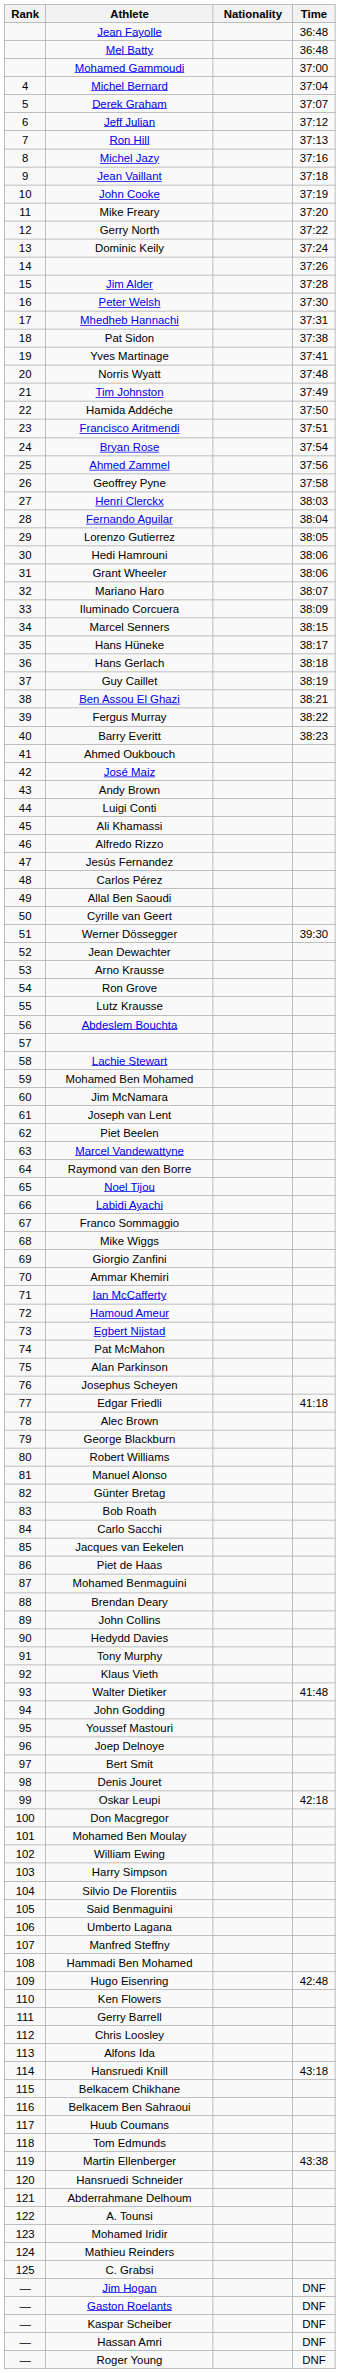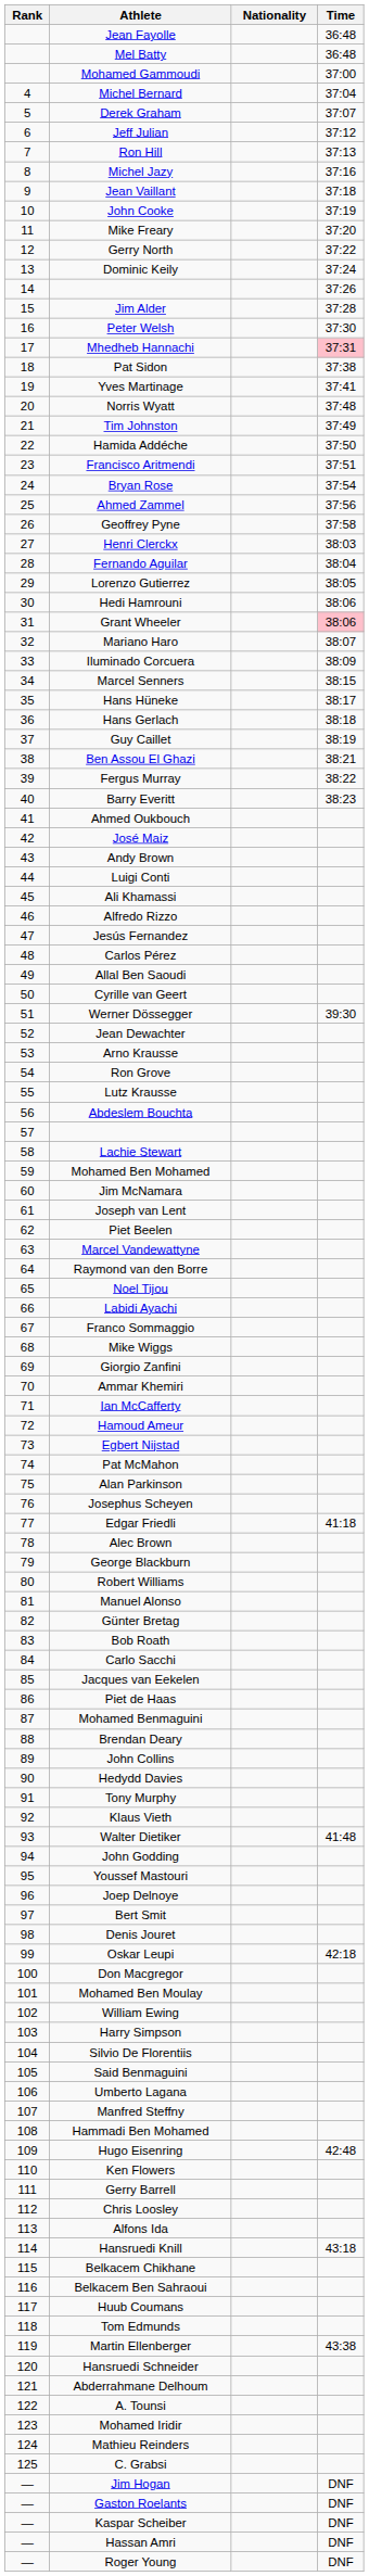 <table class="wikitable sortable" style=" text-align:center; font-size:95%;" width="50%">
 <tr>
 <th>Rank</th>
 <th>Athlete</th>
 <th>Nationality</th>
 <th>Time</th>
 </tr>
 <tr>
 <td align=center></td>
 <td><a href='#'>Jean Fayolle</a></td>
 <td></td>
 <td>36:48</td>
 </tr>
 <tr>
 <td align=center></td>
 <td><a href='#'>Mel Batty</a></td>
 <td></td>
 <td>36:48</td>
 </tr>
 <tr>
 <td align=center></td>
 <td><a href='#'>Mohamed Gammoudi</a></td>
 <td></td>
 <td>37:00</td>
 </tr>
 <tr>
 <td align=center>4</td>
 <td><a href='#'>Michel Bernard</a></td>
 <td></td>
 <td>37:04</td>
 </tr>
 <tr>
 <td align=center>5</td>
 <td><a href='#'>Derek Graham</a></td>
 <td></td>
 <td>37:07</td>
 </tr>
 <tr>
 <td align=center>6</td>
 <td><a href='#'>Jeff Julian</a></td>
 <td></td>
 <td>37:12</td>
 </tr>
 <tr>
 <td align=center>7</td>
 <td><a href='#'>Ron Hill</a></td>
 <td></td>
 <td>37:13</td>
 </tr>
 <tr>
 <td align=center>8</td>
 <td><a href='#'>Michel Jazy</a></td>
 <td></td>
 <td>37:16</td>
 </tr>
 <tr>
 <td align=center>9</td>
 <td><a href='#'>Jean Vaillant</a></td>
 <td></td>
 <td>37:18</td>
 </tr>
 <tr>
 <td align=center>10</td>
 <td><a href='#'>John Cooke</a></td>
 <td></td>
 <td>37:19</td>
 </tr>
 <tr>
 <td align=center>11</td>
 <td>Mike Freary</td>
 <td></td>
 <td>37:20</td>
 </tr>
 <tr>
 <td align=center>12</td>
 <td>Gerry North</td>
 <td></td>
 <td>37:22</td>
 </tr>
 <tr>
 <td align=center>13</td>
 <td>Dominic Keily</td>
 <td></td>
 <td>37:24</td>
 </tr>
 <tr>
 <td align=center>14</td>
 <td></td>
 <td></td>
 <td>37:26</td>
 </tr>
 <tr>
 <td align=center>15</td>
 <td><a href='#'>Jim Alder</a></td>
 <td></td>
 <td>37:28</td>
 </tr>
 <tr>
 <td align=center>16</td>
 <td><a href='#'>Peter Welsh</a></td>
 <td></td>
 <td>37:30</td>
 </tr>
 <tr>
 <td align=center>17</td>
 <td><a href='#'>Mhedheb Hannachi</a></td>
 <td></td>
-<td>37:31</td>
+<td style="background: pink;">37:31</td>
 </tr>
 <tr>
 <td align=center>18</td>
 <td>Pat Sidon</td>
 <td></td>
 <td>37:38</td>
 </tr>
 <tr>
 <td align=center>19</td>
 <td>Yves Martinage</td>
 <td></td>
 <td>37:41</td>
 </tr>
 <tr>
 <td align=center>20</td>
 <td>Norris Wyatt</td>
 <td></td>
 <td>37:48</td>
 </tr>
 <tr>
 <td align=center>21</td>
 <td><a href='#'>Tim Johnston</a></td>
 <td></td>
 <td>37:49</td>
 </tr>
 <tr>
 <td align=center>22</td>
 <td>Hamida Addéche</td>
 <td></td>
 <td>37:50</td>
 </tr>
 <tr>
 <td align=center>23</td>
 <td><a href='#'>Francisco Aritmendi</a></td>
 <td></td>
 <td>37:51</td>
 </tr>
 <tr>
 <td align=center>24</td>
 <td><a href='#'>Bryan Rose</a></td>
 <td></td>
 <td>37:54</td>
 </tr>
 <tr>
 <td align=center>25</td>
 <td><a href='#'>Ahmed Zammel</a></td>
 <td></td>
 <td>37:56</td>
 </tr>
 <tr>
 <td align=center>26</td>
 <td>Geoffrey Pyne</td>
 <td></td>
 <td>37:58</td>
 </tr>
 <tr>
 <td align=center>27</td>
 <td><a href='#'>Henri Clerckx</a></td>
 <td></td>
 <td>38:03</td>
 </tr>
 <tr>
 <td align=center>28</td>
 <td><a href='#'>Fernando Aguilar</a></td>
 <td></td>
 <td>38:04</td>
 </tr>
 <tr>
 <td align=center>29</td>
 <td>Lorenzo Gutierrez</td>
 <td></td>
 <td>38:05</td>
 </tr>
 <tr>
 <td align=center>30</td>
 <td>Hedi Hamrouni</td>
 <td></td>
 <td>38:06</td>
 </tr>
 <tr>
 <td align=center>31</td>
 <td>Grant Wheeler</td>
 <td></td>
-<td>38:06</td>
+<td style="background: pink;">38:06</td>
 </tr>
 <tr>
 <td align=center>32</td>
 <td>Mariano Haro</td>
 <td></td>
 <td>38:07</td>
 </tr>
 <tr>
 <td align=center>33</td>
 <td>Iluminado Corcuera</td>
 <td></td>
 <td>38:09</td>
 </tr>
 <tr>
 <td align=center>34</td>
 <td>Marcel Senners</td>
 <td></td>
 <td>38:15</td>
 </tr>
 <tr>
 <td align=center>35</td>
 <td>Hans Hüneke</td>
 <td></td>
 <td>38:17</td>
 </tr>
 <tr>
 <td align=center>36</td>
 <td>Hans Gerlach</td>
 <td></td>
 <td>38:18</td>
 </tr>
 <tr>
 <td align=center>37</td>
 <td>Guy Caillet</td>
 <td></td>
 <td>38:19</td>
 </tr>
 <tr>
 <td align=center>38</td>
 <td><a href='#'>Ben Assou El Ghazi</a></td>
 <td></td>
 <td>38:21</td>
 </tr>
 <tr>
 <td align=center>39</td>
 <td>Fergus Murray</td>
 <td></td>
 <td>38:22</td>
 </tr>
 <tr>
 <td align=center>40</td>
 <td>Barry Everitt</td>
 <td></td>
 <td>38:23</td>
 </tr>
 <tr>
 <td align=center>41</td>
 <td>Ahmed Oukbouch</td>
 <td></td>
 <td></td>
 </tr>
 <tr>
 <td align=center>42</td>
 <td><a href='#'>José Maiz</a></td>
 <td></td>
 <td></td>
 </tr>
 <tr>
 <td align=center>43</td>
 <td>Andy Brown</td>
 <td></td>
 <td></td>
 </tr>
 <tr>
 <td align=center>44</td>
 <td>Luigi Conti</td>
 <td></td>
 <td></td>
 </tr>
 <tr>
 <td align=center>45</td>
 <td>Ali Khamassi</td>
 <td></td>
 <td></td>
 </tr>
 <tr>
 <td align=center>46</td>
 <td>Alfredo Rizzo</td>
 <td></td>
 <td></td>
 </tr>
 <tr>
 <td align=center>47</td>
 <td>Jesús Fernandez</td>
 <td></td>
 <td></td>
 </tr>
 <tr>
 <td align=center>48</td>
 <td>Carlos Pérez</td>
 <td></td>
 <td></td>
 </tr>
 <tr>
 <td align=center>49</td>
 <td>Allal Ben Saoudi</td>
 <td></td>
 <td></td>
 </tr>
 <tr>
 <td align=center>50</td>
 <td>Cyrille van Geert</td>
 <td></td>
 <td></td>
 </tr>
 <tr>
 <td align=center>51</td>
 <td>Werner Dössegger</td>
 <td></td>
 <td>39:30</td>
 </tr>
 <tr>
 <td align=center>52</td>
 <td>Jean Dewachter</td>
 <td></td>
 <td></td>
 </tr>
 <tr>
 <td align=center>53</td>
 <td>Arno Krausse</td>
 <td></td>
 <td></td>
 </tr>
 <tr>
 <td align=center>54</td>
 <td>Ron Grove</td>
 <td></td>
 <td></td>
 </tr>
 <tr>
 <td align=center>55</td>
 <td>Lutz Krausse</td>
 <td></td>
 <td></td>
 </tr>
 <tr>
 <td align=center>56</td>
 <td><a href='#'>Abdeslem Bouchta</a></td>
 <td></td>
 <td></td>
 </tr>
 <tr>
 <td align=center>57</td>
 <td></td>
 <td></td>
 <td></td>
 </tr>
 <tr>
 <td align=center>58</td>
 <td><a href='#'>Lachie Stewart</a></td>
 <td></td>
 <td></td>
 </tr>
 <tr>
 <td align=center>59</td>
 <td>Mohamed Ben Mohamed</td>
 <td></td>
 <td></td>
 </tr>
 <tr>
 <td align=center>60</td>
 <td>Jim McNamara</td>
 <td></td>
 <td></td>
 </tr>
 <tr>
 <td align=center>61</td>
 <td>Joseph van Lent</td>
 <td></td>
 <td></td>
 </tr>
 <tr>
 <td align=center>62</td>
 <td>Piet Beelen</td>
 <td></td>
 <td></td>
 </tr>
 <tr>
 <td align=center>63</td>
 <td><a href='#'>Marcel Vandewattyne</a></td>
 <td></td>
 <td></td>
 </tr>
 <tr>
 <td align=center>64</td>
 <td>Raymond van den Borre</td>
 <td></td>
 <td></td>
 </tr>
 <tr>
 <td align=center>65</td>
 <td><a href='#'>Noel Tijou</a></td>
 <td></td>
 <td></td>
 </tr>
 <tr>
 <td align=center>66</td>
 <td><a href='#'>Labidi Ayachi</a></td>
 <td></td>
 <td></td>
 </tr>
 <tr>
 <td align=center>67</td>
 <td>Franco Sommaggio</td>
 <td></td>
 <td></td>
 </tr>
 <tr>
 <td align=center>68</td>
 <td>Mike Wiggs</td>
 <td></td>
 <td></td>
 </tr>
 <tr>
 <td align=center>69</td>
 <td>Giorgio Zanfini</td>
 <td></td>
 <td></td>
 </tr>
 <tr>
 <td align=center>70</td>
 <td>Ammar Khemiri</td>
 <td></td>
 <td></td>
 </tr>
 <tr>
 <td align=center>71</td>
 <td><a href='#'>Ian McCafferty</a></td>
 <td></td>
 <td></td>
 </tr>
 <tr>
 <td align=center>72</td>
 <td><a href='#'>Hamoud Ameur</a></td>
 <td></td>
 <td></td>
 </tr>
 <tr>
 <td align=center>73</td>
 <td><a href='#'>Egbert Nijstad</a></td>
 <td></td>
 <td></td>
 </tr>
 <tr>
 <td align=center>74</td>
 <td>Pat McMahon</td>
 <td></td>
 <td></td>
 </tr>
 <tr>
 <td align=center>75</td>
 <td>Alan Parkinson</td>
 <td></td>
 <td></td>
 </tr>
 <tr>
 <td align=center>76</td>
 <td>Josephus Scheyen</td>
 <td></td>
 <td></td>
 </tr>
 <tr>
 <td align=center>77</td>
 <td>Edgar Friedli</td>
 <td></td>
 <td>41:18</td>
 </tr>
 <tr>
 <td align=center>78</td>
 <td>Alec Brown</td>
 <td></td>
 <td></td>
 </tr>
 <tr>
 <td align=center>79</td>
 <td>George Blackburn</td>
 <td></td>
 <td></td>
 </tr>
 <tr>
 <td align=center>80</td>
 <td>Robert Williams</td>
 <td></td>
 <td></td>
 </tr>
 <tr>
 <td align=center>81</td>
 <td>Manuel Alonso</td>
 <td></td>
 <td></td>
 </tr>
 <tr>
 <td align=center>82</td>
 <td>Günter Bretag</td>
 <td></td>
 <td></td>
 </tr>
 <tr>
 <td align=center>83</td>
 <td>Bob Roath</td>
 <td></td>
 <td></td>
 </tr>
 <tr>
 <td align=center>84</td>
 <td>Carlo Sacchi</td>
 <td></td>
 <td></td>
 </tr>
 <tr>
 <td align=center>85</td>
 <td>Jacques van Eekelen</td>
 <td></td>
 <td></td>
 </tr>
 <tr>
 <td align=center>86</td>
 <td>Piet de Haas</td>
 <td></td>
 <td></td>
 </tr>
 <tr>
 <td align=center>87</td>
 <td>Mohamed Benmaguini</td>
 <td></td>
 <td></td>
 </tr>
 <tr>
 <td align=center>88</td>
 <td>Brendan Deary</td>
 <td></td>
 <td></td>
 </tr>
 <tr>
 <td align=center>89</td>
 <td>John Collins</td>
 <td></td>
 <td></td>
 </tr>
 <tr>
 <td align=center>90</td>
 <td>Hedydd Davies</td>
 <td></td>
 <td></td>
 </tr>
 <tr>
 <td align=center>91</td>
 <td>Tony Murphy</td>
 <td></td>
 <td></td>
 </tr>
 <tr>
 <td align=center>92</td>
 <td>Klaus Vieth</td>
 <td></td>
 <td></td>
 </tr>
 <tr>
 <td align=center>93</td>
 <td>Walter Dietiker</td>
 <td></td>
 <td>41:48</td>
 </tr>
 <tr>
 <td align=center>94</td>
 <td>John Godding</td>
 <td></td>
 <td></td>
 </tr>
 <tr>
 <td align=center>95</td>
 <td>Youssef Mastouri</td>
 <td></td>
 <td></td>
 </tr>
 <tr>
 <td align=center>96</td>
 <td>Joep Delnoye</td>
 <td></td>
 <td></td>
 </tr>
 <tr>
 <td align=center>97</td>
 <td>Bert Smit</td>
 <td></td>
 <td></td>
 </tr>
 <tr>
 <td align=center>98</td>
 <td>Denis Jouret</td>
 <td></td>
 <td></td>
 </tr>
 <tr>
 <td align=center>99</td>
 <td>Oskar Leupi</td>
 <td></td>
 <td>42:18</td>
 </tr>
 <tr>
 <td align=center>100</td>
 <td>Don Macgregor</td>
 <td></td>
 <td></td>
 </tr>
 <tr>
 <td align=center>101</td>
 <td>Mohamed Ben Moulay</td>
 <td></td>
 <td></td>
 </tr>
 <tr>
 <td align=center>102</td>
 <td>William Ewing</td>
 <td></td>
 <td></td>
 </tr>
 <tr>
 <td align=center>103</td>
 <td>Harry Simpson</td>
 <td></td>
 <td></td>
 </tr>
 <tr>
 <td align=center>104</td>
 <td>Silvio De Florentiis</td>
 <td></td>
 <td></td>
 </tr>
 <tr>
 <td align=center>105</td>
 <td>Said Benmaguini</td>
 <td></td>
 <td></td>
 </tr>
 <tr>
 <td align=center>106</td>
 <td>Umberto Lagana</td>
 <td></td>
 <td></td>
 </tr>
 <tr>
 <td align=center>107</td>
 <td>Manfred Steffny</td>
 <td></td>
 <td></td>
 </tr>
 <tr>
 <td align=center>108</td>
 <td>Hammadi Ben Mohamed</td>
 <td></td>
 <td></td>
 </tr>
 <tr>
 <td align=center>109</td>
 <td>Hugo Eisenring</td>
 <td></td>
 <td>42:48</td>
 </tr>
 <tr>
 <td align=center>110</td>
 <td>Ken Flowers</td>
 <td></td>
 <td></td>
 </tr>
 <tr>
 <td align=center>111</td>
 <td>Gerry Barrell</td>
 <td></td>
 <td></td>
 </tr>
 <tr>
 <td align=center>112</td>
 <td>Chris Loosley</td>
 <td></td>
 <td></td>
 </tr>
 <tr>
 <td align=center>113</td>
 <td>Alfons Ida</td>
 <td></td>
 <td></td>
 </tr>
 <tr>
 <td align=center>114</td>
 <td>Hansruedi Knill</td>
 <td></td>
 <td>43:18</td>
 </tr>
 <tr>
 <td align=center>115</td>
 <td>Belkacem Chikhane</td>
 <td></td>
 <td></td>
 </tr>
 <tr>
 <td align=center>116</td>
 <td>Belkacem Ben Sahraoui</td>
 <td></td>
 <td></td>
 </tr>
 <tr>
 <td align=center>117</td>
 <td>Huub Coumans</td>
 <td></td>
 <td></td>
 </tr>
 <tr>
 <td align=center>118</td>
 <td>Tom Edmunds</td>
 <td></td>
 <td></td>
 </tr>
 <tr>
 <td align=center>119</td>
 <td>Martin Ellenberger</td>
 <td></td>
 <td>43:38</td>
 </tr>
 <tr>
 <td align=center>120</td>
 <td>Hansruedi Schneider</td>
 <td></td>
 <td></td>
 </tr>
 <tr>
 <td align=center>121</td>
 <td>Abderrahmane Delhoum</td>
 <td></td>
 <td></td>
 </tr>
 <tr>
 <td align=center>122</td>
 <td>A. Tounsi</td>
 <td></td>
 <td></td>
 </tr>
 <tr>
 <td align=center>123</td>
 <td>Mohamed Iridir</td>
 <td></td>
 <td></td>
 </tr>
 <tr>
 <td align=center>124</td>
 <td>Mathieu Reinders</td>
 <td></td>
 <td></td>
 </tr>
 <tr>
 <td align=center>125</td>
 <td>C. Grabsi</td>
 <td></td>
 <td></td>
 </tr>
 <tr>
 <td align=center>—</td>
 <td><a href='#'>Jim Hogan</a></td>
 <td></td>
 <td>DNF</td>
 </tr>
 <tr>
 <td align=center>—</td>
 <td><a href='#'>Gaston Roelants</a></td>
 <td></td>
 <td>DNF</td>
 </tr>
 <tr>
 <td align=center>—</td>
 <td>Kaspar Scheiber</td>
 <td></td>
 <td>DNF</td>
 </tr>
 <tr>
 <td align=center>—</td>
 <td>Hassan Amri</td>
 <td></td>
 <td>DNF</td>
 </tr>
 <tr>
 <td align=center>—</td>
 <td>Roger Young</td>
 <td></td>
 <td>DNF</td>
 </tr>
 </table>
